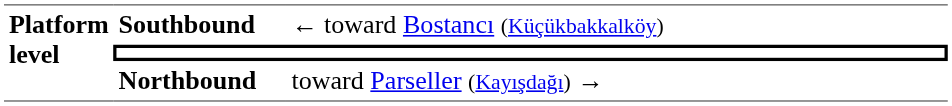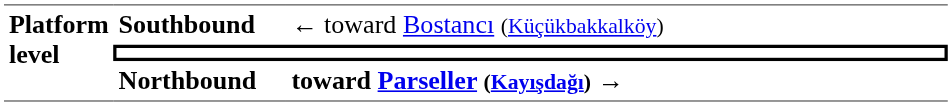 <table cellpadding="3" cellspacing="0" border="0">
 <tr>
 <td rowspan="3" width="50" style="border-top-color: gray; border-bottom-color: gray; border-top-width: 1px; border-bottom-width: 1px; border-top-style: solid; border-bottom-style: solid;" valign="top"><strong>Platform level</strong></td>
 <td width="100" style="border-top-color: gray; border-top-width: 1px; border-top-style: solid;"><strong>Southbound</strong></td>
 <td width="400" style="border-top-color: gray; border-top-width: 1px; border-top-style: solid;">←  toward <a href='#'>Bostancı</a> <small>(<a href='#'>Küçükbakkalköy</a>)</small></td>
 </tr>
 <tr>
 <td colspan="2" style="border: 2px solid black; border-image: none; text-align: center;"></td>
 </tr>
 <tr>
 <td style="border-bottom-color: gray; border-bottom-width: 1px; border-bottom-style: solid;"><strong>Northbound</strong></td>
-<td style="border-bottom-color: gray; border-bottom-width: 1px; border-bottom-style: solid;"> toward <a href='#'>Parseller</a> <small>(<a href='#'>Kayışdağı</a>)</small> →</td>
+<td style="border-bottom-color: gray; border-bottom-width: 1px; border-bottom-style: solid;"><strong> toward <a href='#'>Parseller</a> <small>(<a href='#'>Kayışdağı</a>)</small> →</strong></td>
 </tr>
 </table>
